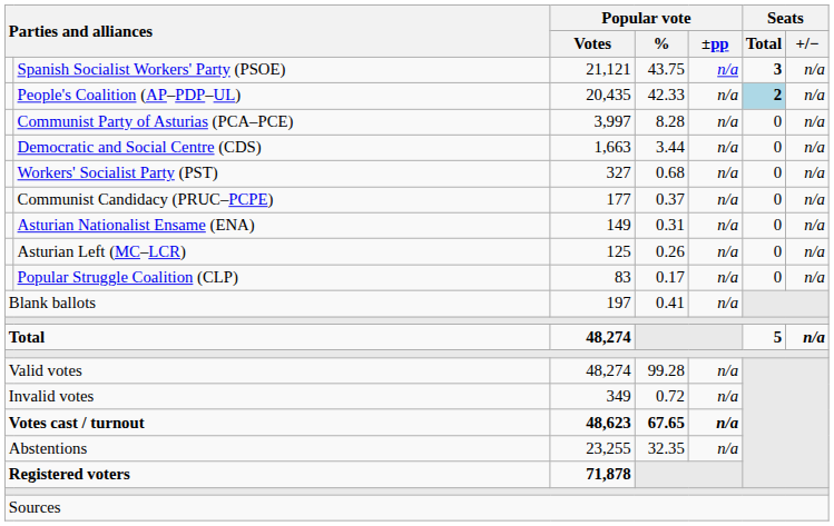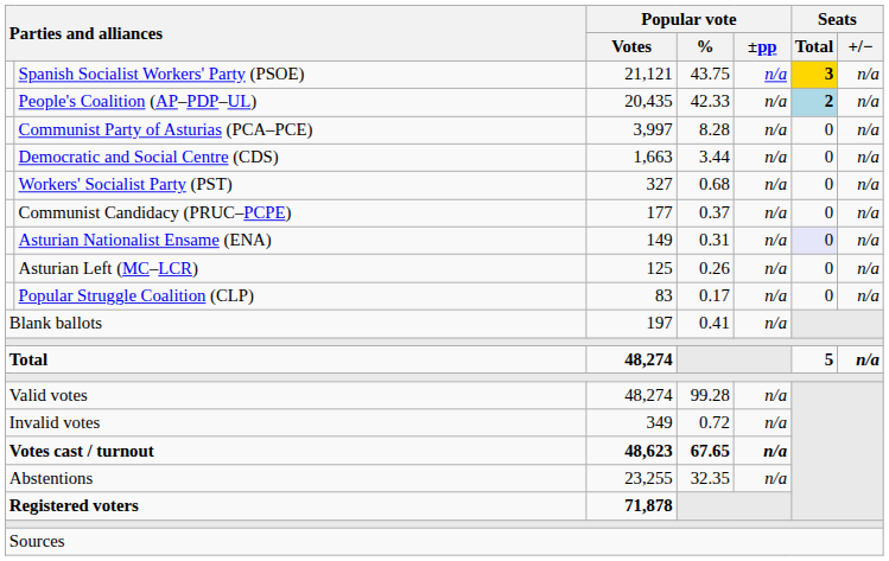 <table class="wikitable" style="text-align:right;">
 <tr>
 <th style="text-align:left;" rowspan="2" colspan="2" width="525">Parties and alliances</th>
 <th colspan="3">Popular vote</th>
 <th colspan="2">Seats</th>
 </tr>
 <tr>
 <th width="75">Votes</th>
 <th width="45">%</th>
 <th width="45">±<a href='#'>pp</a></th>
 <th width="35">Total</th>
 <th width="35">+/−</th>
 </tr>
 <tr>
 <td width="1" style="color:inherit;background:"></td>
 <td align="left"><a href='#'>Spanish Socialist Workers' Party</a> (PSOE)</td>
 <td>21,121</td>
 <td>43.75</td>
 <td><em><a href='#'>n/a</a></em></td>
-<td><strong>3</strong></td>
+<td style="background: gold;"><strong>3</strong></td>
 <td><em>n/a</em></td>
 </tr>
 <tr>
 <td style="color:inherit;background:"></td>
 <td align="left"><a href='#'>People's Coalition</a> (<a href='#'>AP</a>–<a href='#'>PDP</a>–<a href='#'>UL</a>)</td>
 <td>20,435</td>
 <td>42.33</td>
 <td><em>n/a</em></td>
 <td style="background: lightblue;"><strong>2</strong></td>
 <td><em>n/a</em></td>
 </tr>
 <tr>
 <td style="color:inherit;background:"></td>
 <td align="left"><a href='#'>Communist Party of Asturias</a> (PCA–PCE)</td>
 <td>3,997</td>
 <td>8.28</td>
 <td><em>n/a</em></td>
 <td>0</td>
 <td><em>n/a</em></td>
 </tr>
 <tr>
 <td style="color:inherit;background:"></td>
 <td align="left"><a href='#'>Democratic and Social Centre</a> (CDS)</td>
 <td>1,663</td>
 <td>3.44</td>
 <td><em>n/a</em></td>
 <td>0</td>
 <td><em>n/a</em></td>
 </tr>
 <tr>
 <td style="color:inherit;background:"></td>
 <td align="left"><a href='#'>Workers' Socialist Party</a> (PST)</td>
 <td>327</td>
 <td>0.68</td>
 <td><em>n/a</em></td>
 <td>0</td>
 <td><em>n/a</em></td>
 </tr>
 <tr>
 <td style="color:inherit;background:"></td>
 <td align="left">Communist Candidacy (PRUC–<a href='#'>PCPE</a>)</td>
 <td>177</td>
 <td>0.37</td>
 <td><em>n/a</em></td>
 <td>0</td>
 <td><em>n/a</em></td>
 </tr>
 <tr>
 <td style="color:inherit;background:"></td>
 <td align="left"><a href='#'>Asturian Nationalist Ensame</a> (ENA)</td>
 <td>149</td>
 <td>0.31</td>
 <td><em>n/a</em></td>
-<td>0</td>
+<td style="background: lavender;">0</td>
 <td><em>n/a</em></td>
 </tr>
 <tr>
 <td style="color:inherit;background:"></td>
 <td align="left">Asturian Left (<a href='#'>MC</a>–<a href='#'>LCR</a>)</td>
 <td>125</td>
 <td>0.26</td>
 <td><em>n/a</em></td>
 <td>0</td>
 <td><em>n/a</em></td>
 </tr>
 <tr>
 <td style="color:inherit;background:"></td>
 <td align="left"><a href='#'>Popular Struggle Coalition</a> (CLP)</td>
 <td>83</td>
 <td>0.17</td>
 <td><em>n/a</em></td>
 <td>0</td>
 <td><em>n/a</em></td>
 </tr>
 <tr>
 <td align="left" colspan="2">Blank ballots</td>
 <td>197</td>
 <td>0.41</td>
 <td><em>n/a</em></td>
 <td bgcolor="#E9E9E9" colspan="2"></td>
 </tr>
 <tr>
 <td colspan="7" bgcolor="#E9E9E9"></td>
 </tr>
 <tr style="font-weight:bold;">
 <td align="left" colspan="2">Total</td>
 <td>48,274</td>
 <td bgcolor="#E9E9E9" colspan="2"></td>
 <td>5</td>
 <td><em>n/a</em></td>
 </tr>
 <tr>
 <td colspan="7" bgcolor="#E9E9E9"></td>
 </tr>
 <tr>
 <td align="left" colspan="2">Valid votes</td>
 <td>48,274</td>
 <td>99.28</td>
 <td><em>n/a</em></td>
 <td bgcolor="#E9E9E9" colspan="2" rowspan="5"></td>
 </tr>
 <tr>
 <td align="left" colspan="2">Invalid votes</td>
 <td>349</td>
 <td>0.72</td>
 <td><em>n/a</em></td>
 </tr>
 <tr style="font-weight:bold;">
 <td align="left" colspan="2">Votes cast / turnout</td>
 <td>48,623</td>
 <td>67.65</td>
 <td><em>n/a</em></td>
 </tr>
 <tr>
 <td align="left" colspan="2">Abstentions</td>
 <td>23,255</td>
 <td>32.35</td>
 <td><em>n/a</em></td>
 </tr>
 <tr style="font-weight:bold;">
 <td align="left" colspan="2">Registered voters</td>
 <td>71,878</td>
 <td bgcolor="#E9E9E9" colspan="2"></td>
 </tr>
 <tr>
 <td colspan="7" bgcolor="#E9E9E9"></td>
 </tr>
 <tr>
 <td align="left" colspan="7">Sources</td>
 </tr>
 </table>
